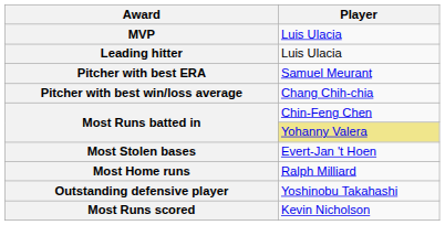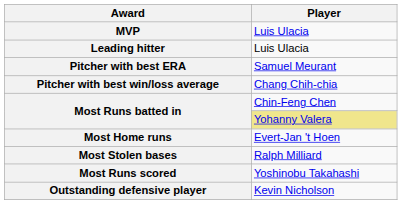 <table class="wikitable" style="border-collapse:collapse; width:90%">
 <tr>
 <th>Award</th>
 <th>Player</th>
 </tr>
 <tr>
 <th>MVP</th>
 <td> <a href='#'>Luis Ulacia</a></td>
 </tr>
 <tr>
 <th>Leading hitter</th>
 <td> Luis Ulacia</td>
 </tr>
 <tr>
 <th>Pitcher with best ERA</th>
 <td> <a href='#'>Samuel Meurant</a></td>
 </tr>
 <tr>
 <th>Pitcher with best win/loss average</th>
 <td> <a href='#'>Chang Chih-chia</a></td>
 </tr>
 <tr>
 <th rowspan=2>Most Runs batted in</th>
 <td> <a href='#'>Chin-Feng Chen</a></td>
 </tr>
 <tr>
 <td style="background: khaki;"> <a href='#'>Yohanny Valera</a></td>
 </tr>
 <tr>
-<th>Most Stolen bases</th>
+<th>Most Home runs</th>
 <td> <a href='#'>Evert-Jan 't Hoen</a></td>
 </tr>
 <tr>
-<th>Most Home runs</th>
+<th>Most Stolen bases</th>
 <td> <a href='#'>Ralph Milliard</a></td>
 </tr>
 <tr>
-<th>Outstanding defensive player</th>
+<th>Most Runs scored</th>
 <td> <a href='#'>Yoshinobu Takahashi</a></td>
 </tr>
 <tr>
-<th>Most Runs scored</th>
+<th>Outstanding defensive player</th>
 <td> <a href='#'>Kevin Nicholson</a></td>
 </tr>
 </table>
